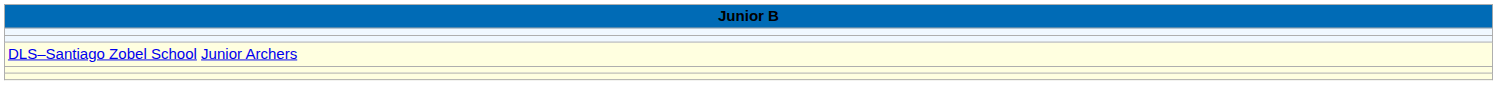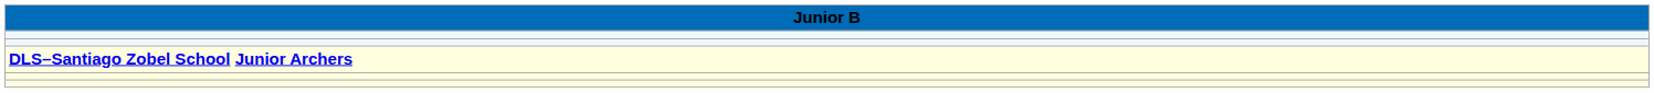 <table class="wikitable sortable" style="width:100%">
 <tr>
 <th style="background:#006BB6;" colspan=8><span>Junior B</span></th>
 </tr>
 <tr>
 <td bgcolor="#F0F8FF"></td>
 </tr>
 <tr>
 <td bgcolor="#F0F8FF"></td>
 </tr>
 <tr>
-<td bgcolor="#FFFFE0"> <a href='#'>DLS–Santiago Zobel School</a> <a href='#'>Junior Archers</a></td>
+<td bgcolor="#FFFFE0"><strong> <a href='#'>DLS–Santiago Zobel School</a> <a href='#'>Junior Archers</a></strong></td>
 </tr>
 <tr>
 <td bgcolor="#FFFFE0"></td>
 </tr>
 <tr>
 <td bgcolor="#FFFFE0"></td>
 </tr>
 </table>
